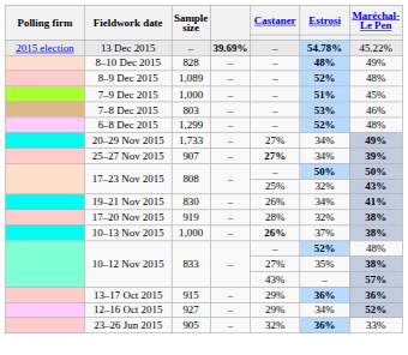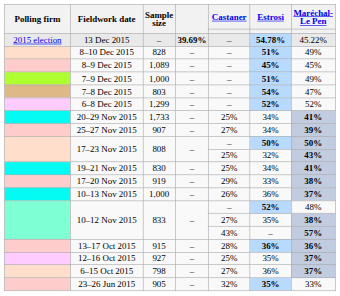 <table class="wikitable sortable" style="text-align:center;font-size:90%;line-height:14px;">
 <tr style="height:40px;">
 <th style="width:100px;" rowspan="2">Polling firm</th>
 <th style="width:110px;" rowspan="2">Fieldwork date</th>
 <th style="width:35px;" rowspan="2">Sample<br>size</th>
 <th style="width:30px;" rowspan="2"></th>
 <th class="unsortable" style="width:60px;"><a href='#'>Castaner</a><br></th>
 <th class="unsortable" style="width:60px;"><a href='#'>Estrosi</a><br></th>
 <th class="unsortable" style="width:60px;"><a href='#'>Maréchal-Le Pen</a><br></th>
 </tr>
 <tr>
 <th style="background:"></th>
 <th style="background:"></th>
 <th style="background:"></th>
 </tr>
 <tr style="background:#E9E9E9;">
 <td><a href='#'>2015 election</a></td>
 <td data-sort-value="2015-12-13">13 Dec 2015</td>
 <td>–</td>
 <td><strong>39.69%</strong></td>
 <td>–</td>
 <td style="background:#B9DAFF;"><strong>54.78%</strong></td>
 <td>45.22%</td>
 </tr>
 <tr>
 <td style="background:#FFDFCC;"></td>
 <td data-sort-value="2015-12-10">8–10 Dec 2015</td>
 <td>828</td>
 <td>–</td>
 <td>–</td>
-<td style="background:#B9DAFF;"><strong>48%</strong></td>
+<td style="background:#B9DAFF;"><strong>51%</strong></td>
 <td>49%</td>
 </tr>
 <tr>
 <td style="background:#FFCCCC;"></td>
 <td data-sort-value="2015-12-09">8–9 Dec 2015</td>
 <td>1,089</td>
 <td>–</td>
 <td>–</td>
-<td style="background:#B9DAFF;"><strong>52%</strong></td>
-<td>48%</td>
+<td style="background:#B9DAFF;"><strong>45%</strong></td>
+<td>45%</td>
 </tr>
 <tr>
 <td style="background:GreenYellow;"></td>
 <td data-sort-value="2015-12-09">7–9 Dec 2015</td>
 <td>1,000</td>
 <td>–</td>
 <td>–</td>
 <td style="background:#B9DAFF;"><strong>51%</strong></td>
-<td>45%</td>
+<td>49%</td>
 </tr>
 <tr>
 <td style="background:burlywood;"></td>
 <td data-sort-value="2015-12-08">7–8 Dec 2015</td>
 <td>803</td>
 <td>–</td>
 <td>–</td>
-<td style="background:#B9DAFF;"><strong>53%</strong></td>
-<td>46%</td>
+<td style="background:#B9DAFF;"><strong>54%</strong></td>
+<td>47%</td>
 </tr>
 <tr>
 <td style="background:#FFCCFF;"></td>
 <td data-sort-value="2015-12-08">6–8 Dec 2015</td>
 <td>1,299</td>
 <td>–</td>
 <td>–</td>
 <td style="background:#B9DAFF;"><strong>52%</strong></td>
-<td>48%</td>
+<td>52%</td>
 </tr>
 <tr>
 <td style="background:#04FBF4;"></td>
 <td data-sort-value="2015-11-29">20–29 Nov 2015</td>
 <td>1,733</td>
 <td>–</td>
-<td>27%</td>
+<td>25%</td>
 <td>34%</td>
-<td style="background:#C1CCE1;"><strong>49%</strong></td>
+<td style="background:#C1CCE1;"><strong>41%</strong></td>
 </tr>
 <tr>
 <td style="background:#FFCCCC;"></td>
 <td data-sort-value="2015-11-27">25–27 Nov 2015</td>
 <td>907</td>
 <td>–</td>
-<td><strong>27%</strong></td>
+<td>27%</td>
 <td>34%</td>
 <td style="background:#C1CCE1;"><strong>39%</strong></td>
 </tr>
 <tr>
 <td rowspan="2" style="background:#FFDFCC;"></td>
 <td rowspan="2" data-sort-value="2015-11-23">17–23 Nov 2015</td>
 <td rowspan="2">808</td>
 <td rowspan="2">–</td>
 <td>–</td>
 <td style="background:#B9DAFF;"><strong>50%</strong></td>
 <td style="background:#C1CCE1;"><strong>50%</strong></td>
 </tr>
 <tr>
 <td>25%</td>
 <td>32%</td>
 <td style="background:#C1CCE1;"><strong>43%</strong></td>
 </tr>
 <tr>
 <td style="background:#04FBF4;"></td>
 <td data-sort-value="2015-11-21">19–21 Nov 2015</td>
 <td>830</td>
 <td>–</td>
-<td>26%</td>
+<td>25%</td>
 <td>34%</td>
 <td style="background:#C1CCE1;"><strong>41%</strong></td>
 </tr>
 <tr>
 <td style="background:#FFCCCC;"></td>
 <td data-sort-value="2015-11-20">17–20 Nov 2015</td>
 <td>919</td>
 <td>–</td>
-<td>28%</td>
-<td>32%</td>
+<td>29%</td>
+<td>33%</td>
 <td style="background:#C1CCE1;"><strong>38%</strong></td>
 </tr>
 <tr>
 <td style="background:#04FBF4;"></td>
 <td data-sort-value="2015-11-13">10–13 Nov 2015</td>
 <td>1,000</td>
 <td>–</td>
-<td><strong>26%</strong></td>
-<td>37%</td>
-<td style="background:#C1CCE1;"><strong>38%</strong></td>
+<td>26%</td>
+<td>36%</td>
+<td style="background:#C1CCE1;"><strong>37%</strong></td>
 </tr>
 <tr>
 <td rowspan="3" style="background:aquamarine;"></td>
 <td rowspan="3" data-sort-value="2015-11-12">10–12 Nov 2015</td>
 <td rowspan="3">833</td>
 <td rowspan="3">–</td>
 <td>–</td>
 <td style="background:#B9DAFF;"><strong>52%</strong></td>
 <td>48%</td>
 </tr>
 <tr>
 <td>27%</td>
 <td>35%</td>
 <td style="background:#C1CCE1;"><strong>38%</strong></td>
 </tr>
 <tr>
 <td>43%</td>
 <td>–</td>
 <td style="background:#C1CCE1;"><strong>57%</strong></td>
 </tr>
 <tr>
 <td style="background:#FFCCCC;"></td>
 <td data-sort-value="2015-10-17">13–17 Oct 2015</td>
 <td>915</td>
 <td>–</td>
-<td>29%</td>
+<td>28%</td>
 <td style="background:#B9DAFF;"><strong>36%</strong></td>
 <td style="background:#C1CCE1;"><strong>36%</strong></td>
 </tr>
 <tr>
 <td style="background:#FFCCFF;"></td>
 <td data-sort-value="2015-10-16">12–16 Oct 2015</td>
 <td>927</td>
 <td>–</td>
-<td>29%</td>
-<td>34%</td>
-<td style="background:#C1CCE1;"><strong>52%</strong></td>
+<td>25%</td>
+<td>35%</td>
+<td style="background:#C1CCE1;"><strong>37%</strong></td>
+</tr>
+<tr>
+<td style="background:#FFDFCC;"></td>
+<td data-sort-value="2015-10-15">6–15 Oct 2015</td>
+<td>798</td>
+<td>–</td>
+<td>27%</td>
+<td>36%</td>
+<td style="background:#C1CCE1;"><strong>37%</strong></td>
 </tr>
 <tr>
 <td style="background:#FFCCCC;"></td>
 <td data-sort-value="2015-06-26">23–26 Jun 2015</td>
 <td>905</td>
 <td>–</td>
 <td>32%</td>
-<td style="background:#B9DAFF;"><strong>36%</strong></td>
+<td style="background:#B9DAFF;"><strong>35%</strong></td>
 <td>33%</td>
 </tr>
 </table>
